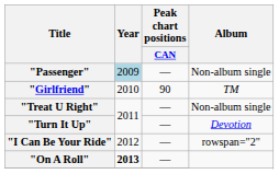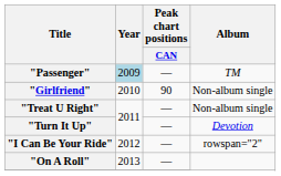 <table class="wikitable plainrowheaders" style="text-align:center;">
 <tr>
 <th rowspan="2">Title</th>
 <th rowspan="2">Year</th>
 <th colspan="1">Peak chart positions</th>
 <th rowspan="2">Album</th>
 </tr>
 <tr>
 <th scope="col" style="width:3em;font-size:90%;"><a href='#'>CAN</a><br></th>
 </tr>
 <tr>
 <th scope="row">"Passenger"<br></th>
 <td style="background: lightblue;">2009</td>
 <td style="text-align:center;">—</td>
-<td>Non-album single</td>
+<td><em>TM</em></td>
 </tr>
 <tr>
 <th scope="row">"<a href='#'>Girlfriend</a>"<br></th>
 <td>2010</td>
 <td style="text-align:center;">90</td>
-<td><em>TM</em></td>
+<td>Non-album single</td>
 </tr>
 <tr>
 <th scope="row">"Treat U Right"<br></th>
 <td rowspan="2">2011</td>
 <td style="text-align:center;">—</td>
 <td>Non-album single</td>
 </tr>
 <tr>
 <th scope="row">"Turn It Up"<br></th>
 <td style="text-align:center;">—</td>
 <td><em><a href='#'>Devotion</a></em></td>
 </tr>
 <tr>
 <th scope="row">"I Can Be Your Ride"<br></th>
 <td>2012</td>
 <td style="text-align:center;">—</td>
 <td>rowspan="2" </td>
 </tr>
 <tr>
 <th scope="row">"On A Roll"<br></th>
-<td><strong>2013</strong></td>
+<td>2013</td>
 <td style="text-align:center;">—</td>
 </tr>
 <tr>
 </tr>
 </table>
